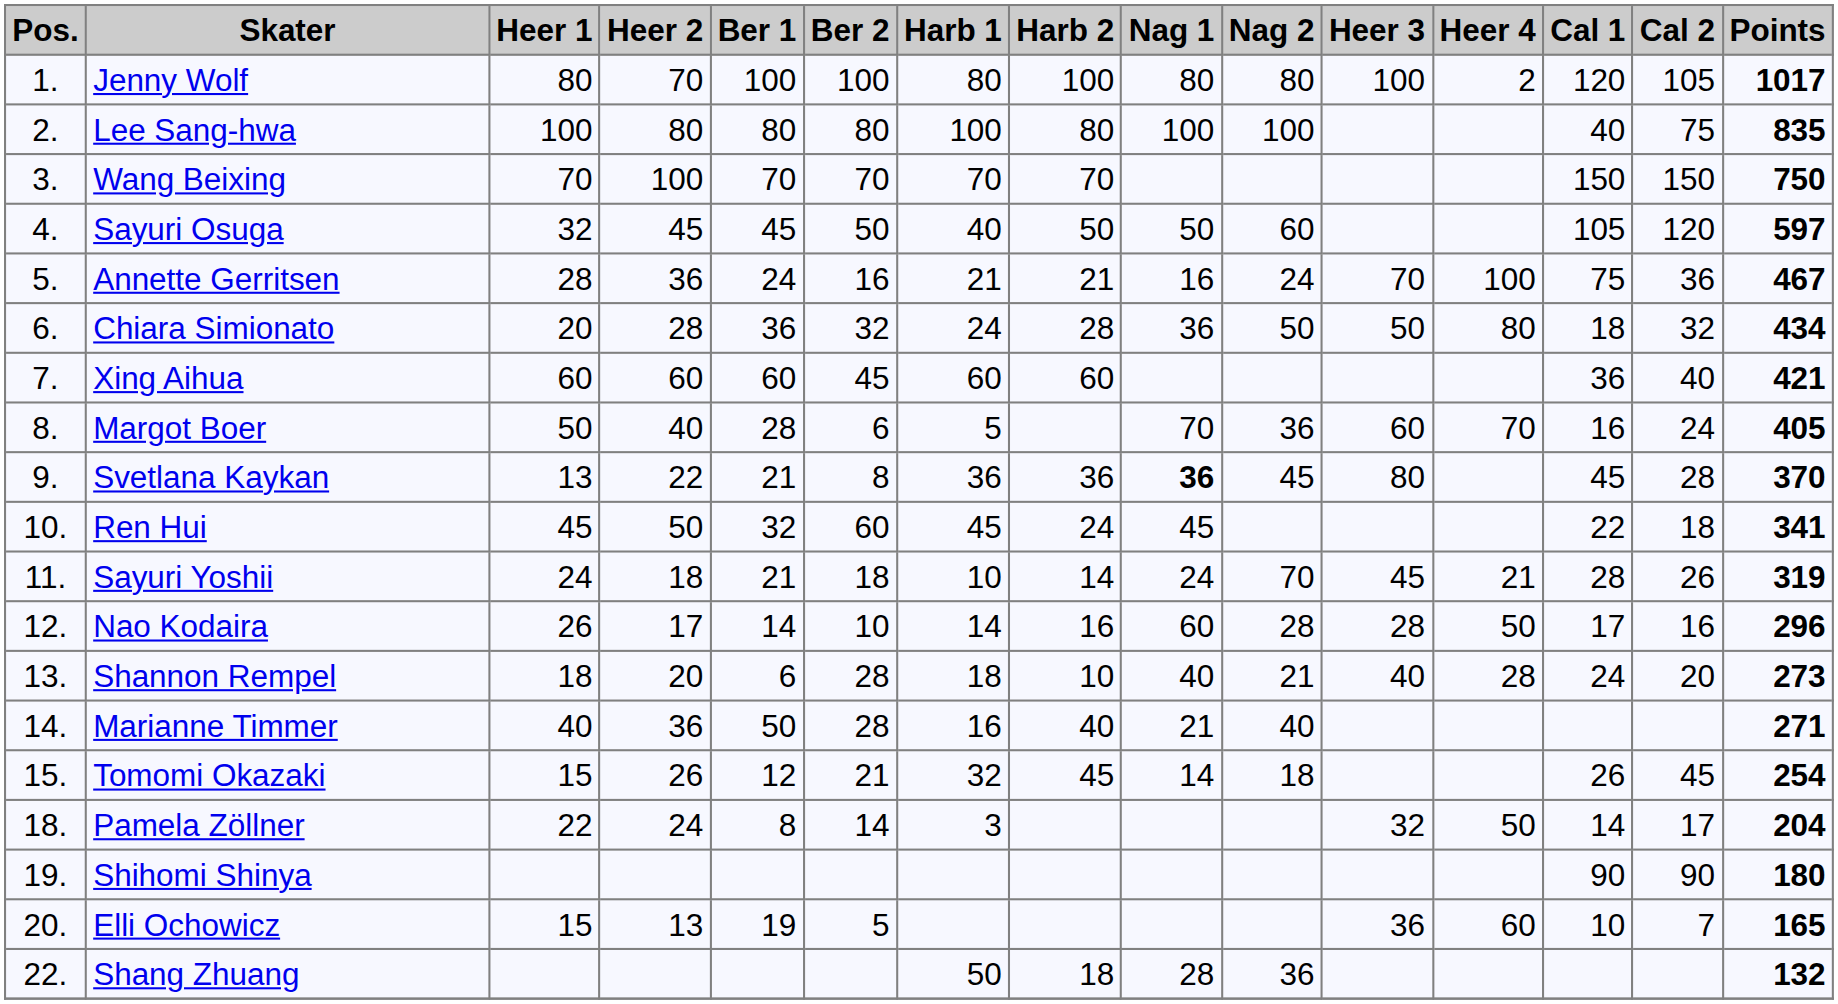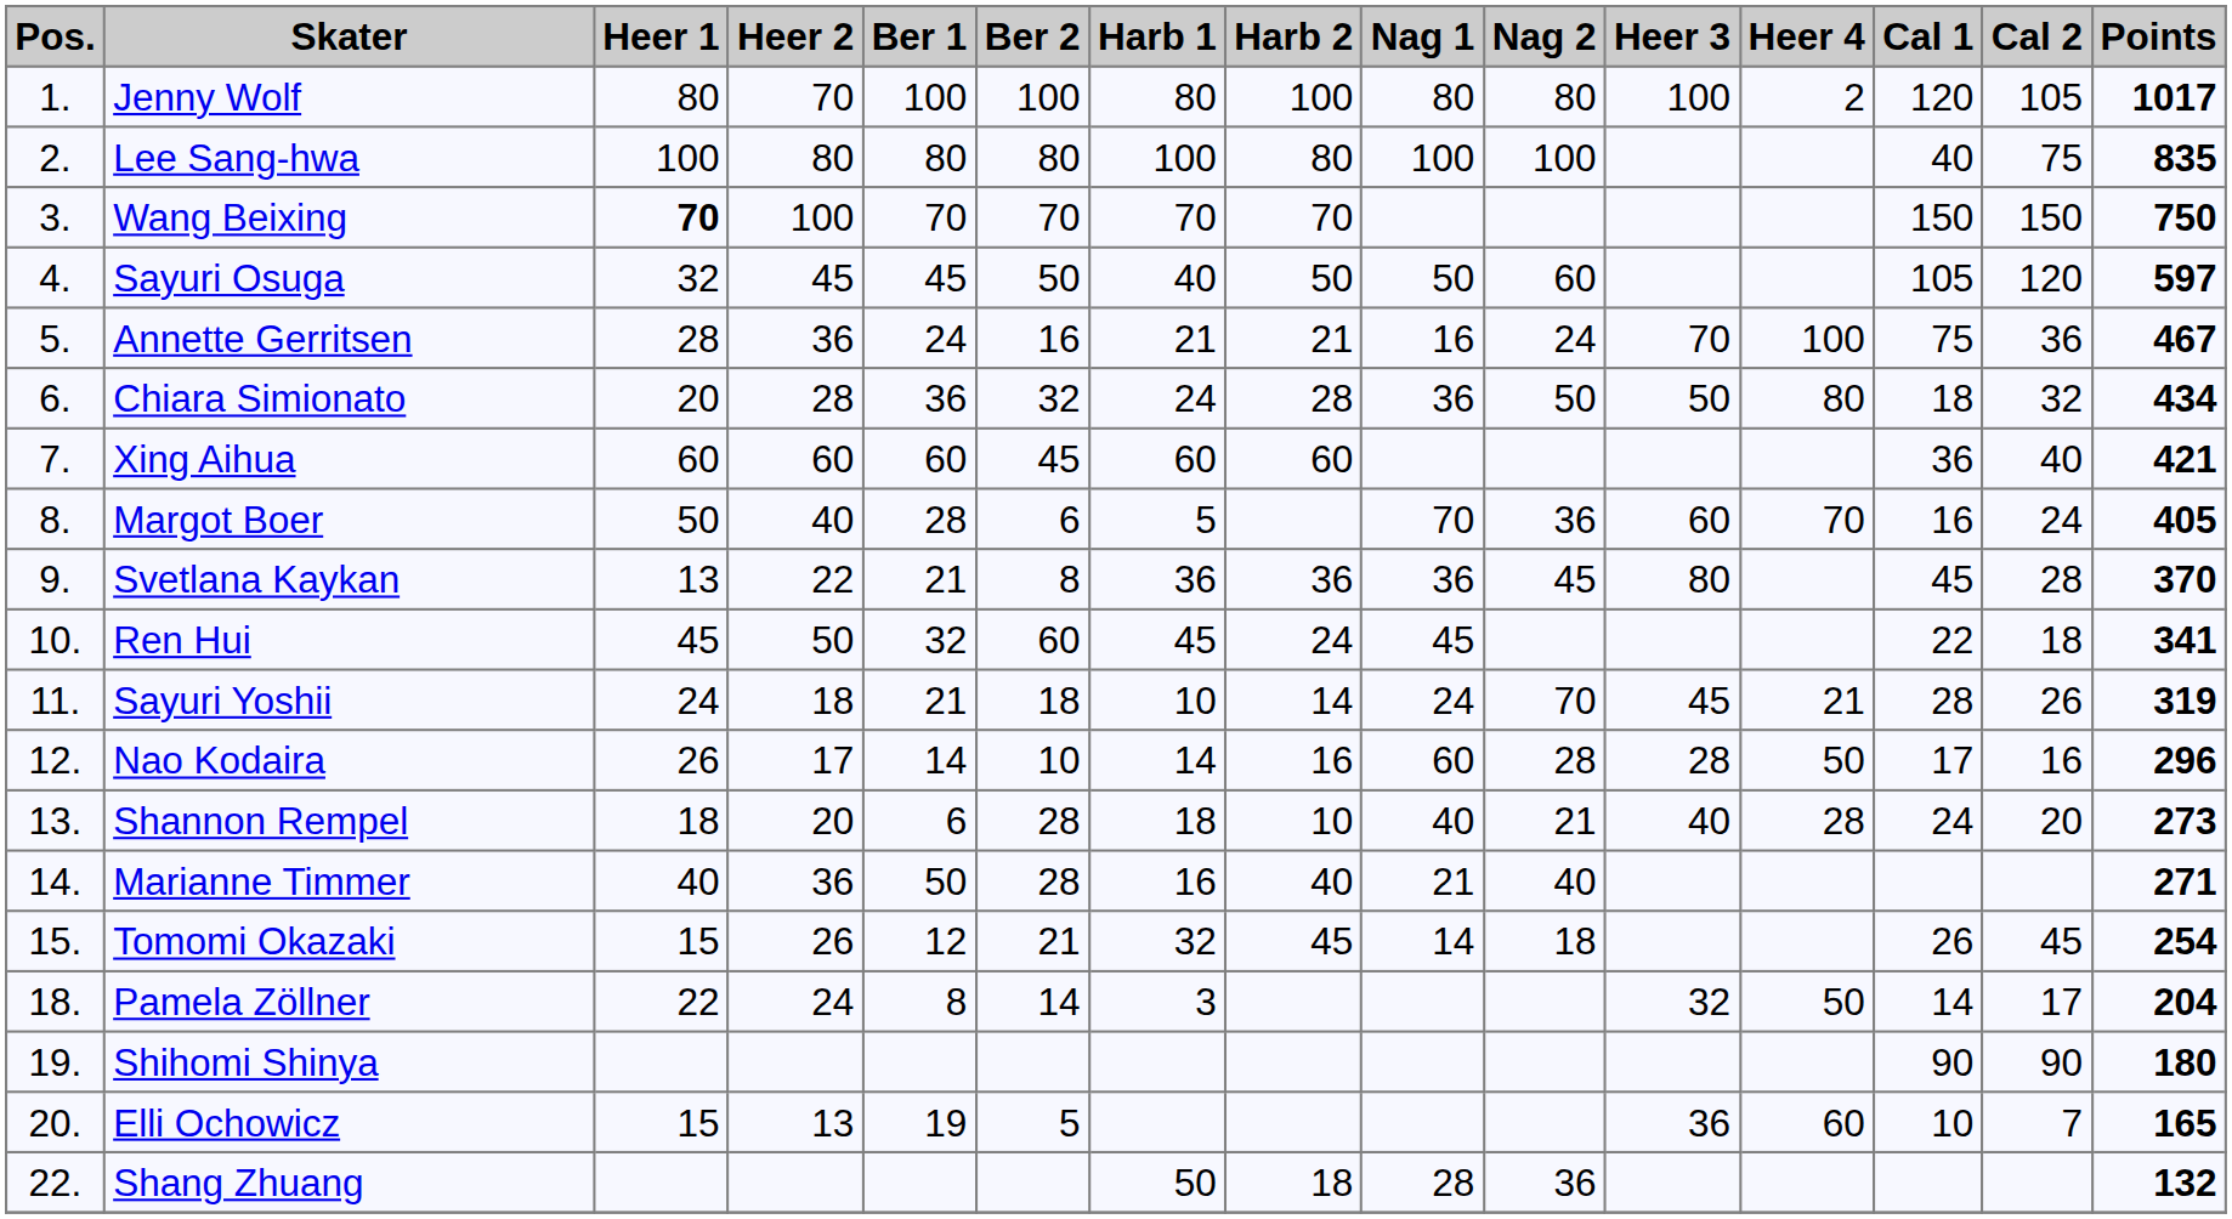 <table bgcolor="#f7f8ff" cellpadding="3" cellspacing="0" border="1" style="font-size: 95%; border: gray solid 1px; border-collapse: collapse;">
 <tr bgcolor="#CCCCCC">
 <td align="center" width="10"><strong>Pos.</strong></td>
 <td align="center" width="200"><strong>Skater</strong></td>
 <td align="center" width="20"><strong>Heer 1</strong></td>
 <td align="center" width="20"><strong>Heer 2</strong></td>
 <td align="center" width="20"><strong>Ber 1</strong></td>
 <td align="center" width="20"><strong>Ber 2</strong></td>
 <td align="center" width="20"><strong>Harb 1</strong></td>
 <td align="center" width="20"><strong>Harb 2</strong></td>
 <td align="center" width="20"><strong>Nag 1</strong></td>
 <td align="center" width="20"><strong>Nag 2</strong></td>
 <td align="center" width="20"><strong>Heer 3</strong></td>
 <td align="center" width="20"><strong>Heer 4</strong></td>
 <td align="center" width="20"><strong>Cal 1</strong></td>
 <td align="center" width="20"><strong>Cal 2</strong></td>
 <td align="center" width="20"><strong>Points</strong></td>
 </tr>
 <tr align="left">
 <td align="center">1.</td>
 <td> <a href='#'>Jenny Wolf</a></td>
 <td align="right">80</td>
 <td align="right">70</td>
 <td align="right">100</td>
 <td align="right">100</td>
 <td align="right">80</td>
 <td align="right">100</td>
 <td align="right">80</td>
 <td align="right">80</td>
 <td align="right">100</td>
 <td align="right">2</td>
 <td align="right">120</td>
 <td align="right">105</td>
 <td align="right"><strong>1017</strong></td>
 </tr>
 <tr align="left">
 <td align="center">2.</td>
 <td> <a href='#'>Lee Sang-hwa</a></td>
 <td align="right">100</td>
 <td align="right">80</td>
 <td align="right">80</td>
 <td align="right">80</td>
 <td align="right">100</td>
 <td align="right">80</td>
 <td align="right">100</td>
 <td align="right">100</td>
 <td align="right"></td>
 <td align="right"></td>
 <td align="right">40</td>
 <td align="right">75</td>
 <td align="right"><strong>835</strong></td>
 </tr>
 <tr align="left">
 <td align="center">3.</td>
 <td> <a href='#'>Wang Beixing</a></td>
-<td align="right">70</td>
+<td align="right"><strong>70</strong></td>
 <td align="right">100</td>
 <td align="right">70</td>
 <td align="right">70</td>
 <td align="right">70</td>
 <td align="right">70</td>
 <td align="right"></td>
 <td align="right"></td>
 <td align="right"></td>
 <td align="right"></td>
 <td align="right">150</td>
 <td align="right">150</td>
 <td align="right"><strong>750</strong></td>
 </tr>
 <tr align="left">
 <td align="center">4.</td>
 <td> <a href='#'>Sayuri Osuga</a></td>
 <td align="right">32</td>
 <td align="right">45</td>
 <td align="right">45</td>
 <td align="right">50</td>
 <td align="right">40</td>
 <td align="right">50</td>
 <td align="right">50</td>
 <td align="right">60</td>
 <td align="right"></td>
 <td align="right"></td>
 <td align="right">105</td>
 <td align="right">120</td>
 <td align="right"><strong>597</strong></td>
 </tr>
 <tr align="left">
 <td align="center">5.</td>
 <td> <a href='#'>Annette Gerritsen</a></td>
 <td align="right">28</td>
 <td align="right">36</td>
 <td align="right">24</td>
 <td align="right">16</td>
 <td align="right">21</td>
 <td align="right">21</td>
 <td align="right">16</td>
 <td align="right">24</td>
 <td align="right">70</td>
 <td align="right">100</td>
 <td align="right">75</td>
 <td align="right">36</td>
 <td align="right"><strong>467</strong></td>
 </tr>
 <tr align="left">
 <td align="center">6.</td>
 <td> <a href='#'>Chiara Simionato</a></td>
 <td align="right">20</td>
 <td align="right">28</td>
 <td align="right">36</td>
 <td align="right">32</td>
 <td align="right">24</td>
 <td align="right">28</td>
 <td align="right">36</td>
 <td align="right">50</td>
 <td align="right">50</td>
 <td align="right">80</td>
 <td align="right">18</td>
 <td align="right">32</td>
 <td align="right"><strong>434</strong></td>
 </tr>
 <tr align="left">
 <td align="center">7.</td>
 <td> <a href='#'>Xing Aihua</a></td>
 <td align="right">60</td>
 <td align="right">60</td>
 <td align="right">60</td>
 <td align="right">45</td>
 <td align="right">60</td>
 <td align="right">60</td>
 <td align="right"></td>
 <td align="right"></td>
 <td align="right"></td>
 <td align="right"></td>
 <td align="right">36</td>
 <td align="right">40</td>
 <td align="right"><strong>421</strong></td>
 </tr>
 <tr align="left">
 <td align="center">8.</td>
 <td> <a href='#'>Margot Boer</a></td>
 <td align="right">50</td>
 <td align="right">40</td>
 <td align="right">28</td>
 <td align="right">6</td>
 <td align="right">5</td>
 <td align="right"></td>
 <td align="right">70</td>
 <td align="right">36</td>
 <td align="right">60</td>
 <td align="right">70</td>
 <td align="right">16</td>
 <td align="right">24</td>
 <td align="right"><strong>405</strong></td>
 </tr>
 <tr align="left">
 <td align="center">9.</td>
 <td> <a href='#'>Svetlana Kaykan</a></td>
 <td align="right">13</td>
 <td align="right">22</td>
 <td align="right">21</td>
 <td align="right">8</td>
 <td align="right">36</td>
 <td align="right">36</td>
-<td align="right"><strong>36</strong></td>
+<td align="right">36</td>
 <td align="right">45</td>
 <td align="right">80</td>
 <td align="right"></td>
 <td align="right">45</td>
 <td align="right">28</td>
 <td align="right"><strong>370</strong></td>
 </tr>
 <tr align="left">
 <td align="center">10.</td>
 <td> <a href='#'>Ren Hui</a></td>
 <td align="right">45</td>
 <td align="right">50</td>
 <td align="right">32</td>
 <td align="right">60</td>
 <td align="right">45</td>
 <td align="right">24</td>
 <td align="right">45</td>
 <td align="right"></td>
 <td align="right"></td>
 <td align="right"></td>
 <td align="right">22</td>
 <td align="right">18</td>
 <td align="right"><strong>341</strong></td>
 </tr>
 <tr align="left">
 <td align="center">11.</td>
 <td> <a href='#'>Sayuri Yoshii</a></td>
 <td align="right">24</td>
 <td align="right">18</td>
 <td align="right">21</td>
 <td align="right">18</td>
 <td align="right">10</td>
 <td align="right">14</td>
 <td align="right">24</td>
 <td align="right">70</td>
 <td align="right">45</td>
 <td align="right">21</td>
 <td align="right">28</td>
 <td align="right">26</td>
 <td align="right"><strong>319</strong></td>
 </tr>
 <tr align="left">
 <td align="center">12.</td>
 <td> <a href='#'>Nao Kodaira</a></td>
 <td align="right">26</td>
 <td align="right">17</td>
 <td align="right">14</td>
 <td align="right">10</td>
 <td align="right">14</td>
 <td align="right">16</td>
 <td align="right">60</td>
 <td align="right">28</td>
 <td align="right">28</td>
 <td align="right">50</td>
 <td align="right">17</td>
 <td align="right">16</td>
 <td align="right"><strong>296</strong></td>
 </tr>
 <tr align="left">
 <td align="center">13.</td>
 <td> <a href='#'>Shannon Rempel</a></td>
 <td align="right">18</td>
 <td align="right">20</td>
 <td align="right">6</td>
 <td align="right">28</td>
 <td align="right">18</td>
 <td align="right">10</td>
 <td align="right">40</td>
 <td align="right">21</td>
 <td align="right">40</td>
 <td align="right">28</td>
 <td align="right">24</td>
 <td align="right">20</td>
 <td align="right"><strong>273</strong></td>
 </tr>
 <tr align="left">
 <td align="center">14.</td>
 <td> <a href='#'>Marianne Timmer</a></td>
 <td align="right">40</td>
 <td align="right">36</td>
 <td align="right">50</td>
 <td align="right">28</td>
 <td align="right">16</td>
 <td align="right">40</td>
 <td align="right">21</td>
 <td align="right">40</td>
 <td align="right"></td>
 <td align="right"></td>
 <td align="right"></td>
 <td align="right"></td>
 <td align="right"><strong>271</strong></td>
 </tr>
 <tr align="left">
 <td align="center">15.</td>
 <td> <a href='#'>Tomomi Okazaki</a></td>
 <td align="right">15</td>
 <td align="right">26</td>
 <td align="right">12</td>
 <td align="right">21</td>
 <td align="right">32</td>
 <td align="right">45</td>
 <td align="right">14</td>
 <td align="right">18</td>
 <td align="right"></td>
 <td align="right"></td>
 <td align="right">26</td>
 <td align="right">45</td>
 <td align="right"><strong>254</strong></td>
 </tr>
 <tr align="left">
 <td align="center">18.</td>
 <td> <a href='#'>Pamela Zöllner</a></td>
 <td align="right">22</td>
 <td align="right">24</td>
 <td align="right">8</td>
 <td align="right">14</td>
 <td align="right">3</td>
 <td align="right"></td>
 <td align="right"></td>
 <td align="right"></td>
 <td align="right">32</td>
 <td align="right">50</td>
 <td align="right">14</td>
 <td align="right">17</td>
 <td align="right"><strong>204</strong></td>
 </tr>
 <tr align="left">
 <td align="center">19.</td>
 <td> <a href='#'>Shihomi Shinya</a></td>
 <td align="right"></td>
 <td align="right"></td>
 <td align="right"></td>
 <td align="right"></td>
 <td align="right"></td>
 <td align="right"></td>
 <td align="right"></td>
 <td align="right"></td>
 <td align="right"></td>
 <td align="right"></td>
 <td align="right">90</td>
 <td align="right">90</td>
 <td align="right"><strong>180</strong></td>
 </tr>
 <tr align="left">
 <td align="center">20.</td>
 <td> <a href='#'>Elli Ochowicz</a></td>
 <td align="right">15</td>
 <td align="right">13</td>
 <td align="right">19</td>
 <td align="right">5</td>
 <td align="right"></td>
 <td align="right"></td>
 <td align="right"></td>
 <td align="right"></td>
 <td align="right">36</td>
 <td align="right">60</td>
 <td align="right">10</td>
 <td align="right">7</td>
 <td align="right"><strong>165</strong></td>
 </tr>
 <tr align="left">
 <td align="center">22.</td>
 <td> <a href='#'>Shang Zhuang</a></td>
 <td align="right"></td>
 <td align="right"></td>
 <td align="right"></td>
 <td align="right"></td>
 <td align="right">50</td>
 <td align="right">18</td>
 <td align="right">28</td>
 <td align="right">36</td>
 <td align="right"></td>
 <td align="right"></td>
 <td align="right"></td>
 <td align="right"></td>
 <td align="right"><strong>132</strong></td>
 </tr>
 <tr>
 </tr>
 </table>
